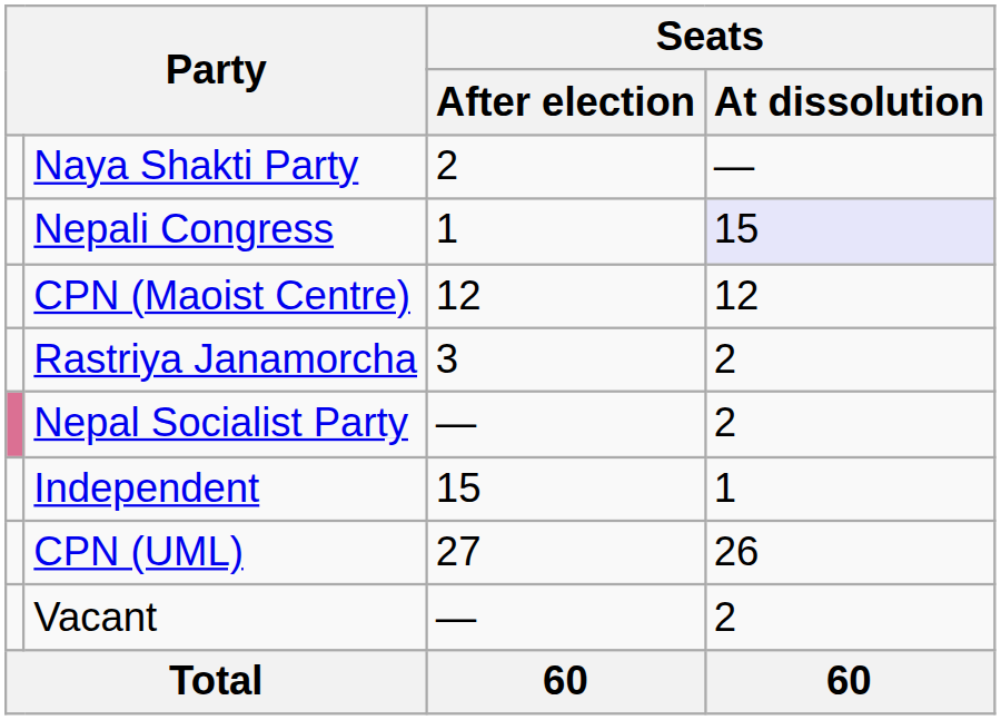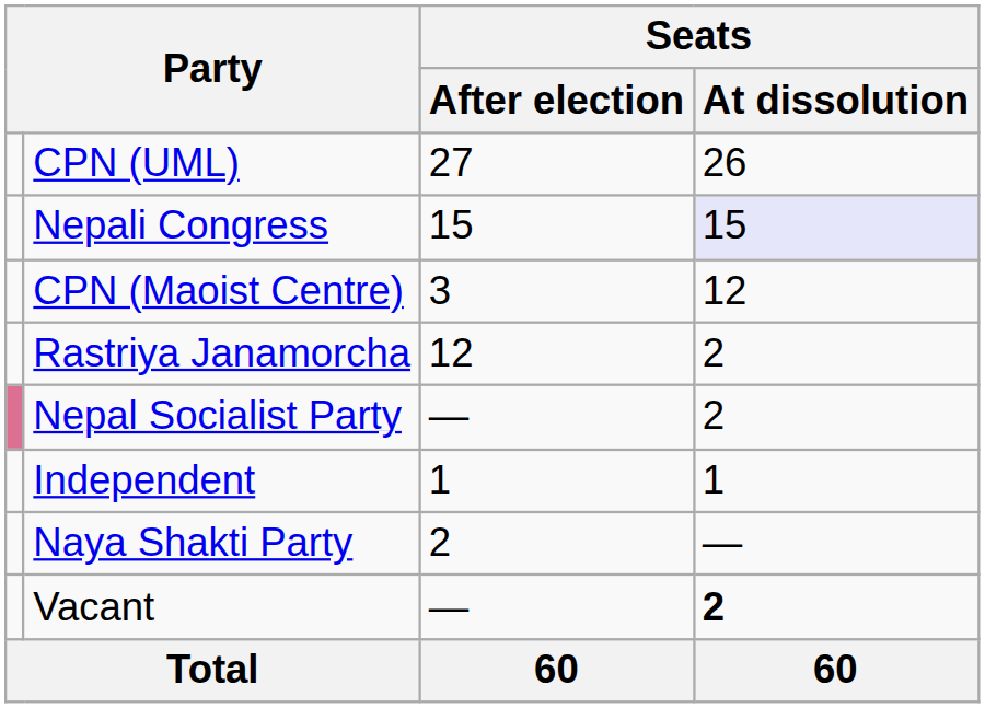 <table class="wikitable">
 <tr>
 <th colspan="2" rowspan="2">Party</th>
 <th colspan="2">Seats</th>
 </tr>
 <tr>
 <th>After election</th>
 <th>At dissolution</th>
 </tr>
 <tr>
 <td></td>
-<td><a href='#'>Naya Shakti Party</a></td>
-<td>2</td>
-<td>—</td>
+<td><a href='#'>CPN (UML)</a></td>
+<td>27</td>
+<td>26</td>
 </tr>
 <tr>
 <td></td>
 <td><a href='#'>Nepali Congress</a></td>
-<td>1</td>
+<td>15</td>
 <td style="background: lavender;">15</td>
 </tr>
 <tr>
 <td></td>
 <td><a href='#'>CPN (Maoist Centre)</a></td>
-<td>12</td>
+<td>3</td>
 <td>12</td>
 </tr>
 <tr>
 <td></td>
 <td><a href='#'>Rastriya Janamorcha</a></td>
-<td>3</td>
+<td>12</td>
 <td>2</td>
 </tr>
 <tr>
 <td bgcolor="palevioletred"></td>
 <td><a href='#'>Nepal Socialist Party</a></td>
 <td>—</td>
 <td>2</td>
 </tr>
 <tr>
 <td></td>
 <td><a href='#'>Independent</a></td>
-<td>15</td>
+<td>1</td>
 <td>1</td>
 </tr>
 <tr>
 <td></td>
-<td><a href='#'>CPN (UML)</a></td>
-<td>27</td>
-<td>26</td>
+<td><a href='#'>Naya Shakti Party</a></td>
+<td>2</td>
+<td>—</td>
 </tr>
 <tr>
 <td></td>
 <td>Vacant</td>
 <td>—</td>
-<td>2</td>
+<td><strong>2</strong></td>
 </tr>
 <tr>
 <th colspan="2">Total</th>
 <th>60</th>
 <th>60</th>
 </tr>
 </table>
